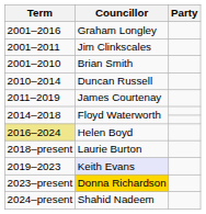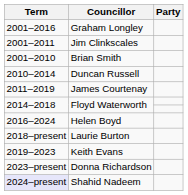 <table class="wikitable">
 <tr>
 <th>Term</th>
 <th>Councillor</th>
 <th colspan=2>Party</th>
 </tr>
 <tr>
 <td>2001–2016</td>
 <td>Graham Longley</td>
 <td></td>
 </tr>
 <tr>
 <td>2001–2011</td>
 <td>Jim Clinkscales</td>
 <td></td>
 </tr>
 <tr>
 <td>2001–2010</td>
 <td>Brian Smith</td>
 <td></td>
 </tr>
 <tr>
 <td>2010–2014</td>
 <td>Duncan Russell</td>
 <td></td>
 </tr>
 <tr>
 <td>2011–2019</td>
 <td>James Courtenay</td>
 <td></td>
 </tr>
 <tr>
 <td rowspan=2>2014–2018</td>
 <td rowspan=2>Floyd Waterworth</td>
 <td></td>
 </tr>
 <tr>
 <td></td>
 </tr>
 <tr>
-<td style="background: khaki;">2016–2024</td>
+<td>2016–2024</td>
 <td>Helen Boyd</td>
 <td></td>
 </tr>
 <tr>
 <td>2018–present</td>
 <td>Laurie Burton</td>
 <td></td>
 </tr>
 <tr>
 <td>2019–2023</td>
-<td style="background: lavender;">Keith Evans</td>
+<td>Keith Evans</td>
 <td></td>
 </tr>
 <tr>
 <td>2023–present</td>
-<td style="background: gold;">Donna Richardson</td>
+<td>Donna Richardson</td>
 <td></td>
 </tr>
 <tr>
-<td>2024–present</td>
+<td style="background: lavender;">2024–present</td>
 <td>Shahid Nadeem</td>
 <td></td>
 </tr>
 </table>
